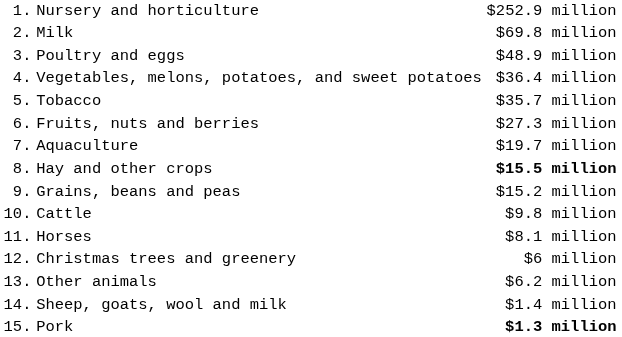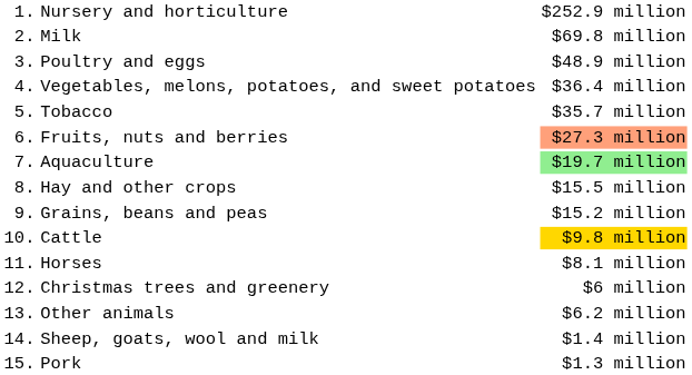 <table>
 <tr>
 <td align="right">1.</td>
 <td>Nursery and horticulture</td>
 <td align="right">$252.9 million</td>
 </tr>
 <tr>
 <td align="right">2.</td>
 <td>Milk</td>
 <td align="right">$69.8 million</td>
 </tr>
 <tr>
 <td align="right">3.</td>
 <td>Poultry and eggs</td>
 <td align="right">$48.9 million</td>
 </tr>
 <tr>
 <td align="right">4.</td>
 <td>Vegetables, melons, potatoes, and sweet potatoes</td>
 <td align="right">$36.4 million</td>
 </tr>
 <tr>
 <td align="right">5.</td>
 <td>Tobacco</td>
 <td align="right">$35.7 million</td>
 </tr>
 <tr>
 <td align="right">6.</td>
 <td>Fruits, nuts and berries</td>
-<td align="right">$27.3 million</td>
+<td align="right" style="background: lightsalmon;">$27.3 million</td>
 </tr>
 <tr>
 <td align="right">7.</td>
 <td>Aquaculture</td>
-<td align="right">$19.7 million</td>
+<td align="right" style="background: lightgreen;">$19.7 million</td>
 </tr>
 <tr>
 <td align="right">8.</td>
 <td>Hay and other crops</td>
-<td align="right"><strong>$15.5 million</strong></td>
+<td align="right">$15.5 million</td>
 </tr>
 <tr>
 <td align="right">9.</td>
 <td>Grains, beans and peas</td>
 <td align="right">$15.2 million</td>
 </tr>
 <tr>
 <td align="right">10.</td>
 <td>Cattle</td>
-<td align="right">$9.8 million</td>
+<td align="right" style="background: gold;">$9.8 million</td>
 </tr>
 <tr>
 <td align="right">11.</td>
 <td>Horses</td>
 <td align="right">$8.1 million</td>
 </tr>
 <tr>
 <td align="right">12.</td>
 <td>Christmas trees and greenery</td>
 <td align="right">$6 million</td>
 </tr>
 <tr>
 <td align="right">13.</td>
 <td>Other animals</td>
 <td align="right">$6.2 million</td>
 </tr>
 <tr>
 <td align="right">14.</td>
 <td>Sheep, goats, wool and milk</td>
 <td align="right">$1.4 million</td>
 </tr>
 <tr>
 <td align="right">15.</td>
 <td>Pork</td>
-<td align="right"><strong>$1.3 million</strong></td>
+<td align="right">$1.3 million</td>
 </tr>
 </table>
